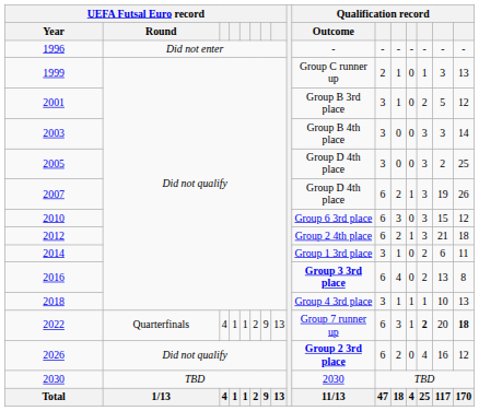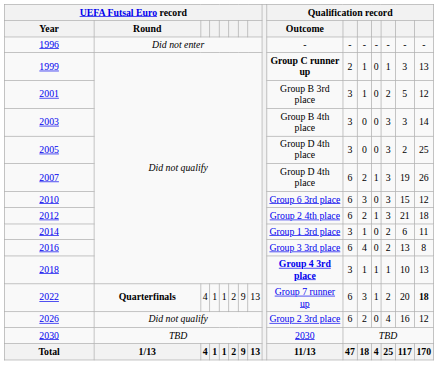 <table class="wikitable" width=50% style="text-align: center;font-size:90%;">
 <tr>
 <th colspan=8><a href='#'>UEFA Futsal Euro</a> record</th>
 <th width=1% rowspan=17></th>
 <th colspan=7>Qualification record</th>
 </tr>
 <tr>
 <th width=125px>Year</th>
 <th width=150px>Round</th>
 <th></th>
 <th></th>
 <th></th>
 <th></th>
 <th></th>
 <th></th>
 <th>Outcome</th>
 <th></th>
 <th></th>
 <th></th>
 <th></th>
 <th></th>
 <th></th>
 </tr>
 <tr>
 <td> <a href='#'>1996</a></td>
 <td colspan=7><em>Did not enter</em></td>
 <td>-</td>
 <td>-</td>
 <td>-</td>
 <td>-</td>
 <td>-</td>
 <td>-</td>
 <td>-</td>
 </tr>
 <tr - bgcolor=>
 <td> <a href='#'>1999</a></td>
 <td colspan=7 rowspan=10><em>Did not qualify</em></td>
-<td>Group C runner up</td>
+<td><strong>Group C runner up</strong></td>
 <td>2</td>
 <td>1</td>
 <td>0</td>
 <td>1</td>
 <td>3</td>
 <td>13</td>
 </tr>
 <tr - bgcolor=>
 <td> <a href='#'>2001</a></td>
 <td>Group B 3rd place</td>
 <td>3</td>
 <td>1</td>
 <td>0</td>
 <td>2</td>
 <td>5</td>
 <td>12</td>
 </tr>
 <tr - bgcolor=>
 <td> <a href='#'>2003</a></td>
 <td>Group B 4th place</td>
 <td>3</td>
 <td>0</td>
 <td>0</td>
 <td>3</td>
 <td>3</td>
 <td>14</td>
 </tr>
 <tr - bgcolor=>
 <td> <a href='#'>2005</a></td>
 <td>Group D 4th place</td>
 <td>3</td>
 <td>0</td>
 <td>0</td>
 <td>3</td>
 <td>2</td>
 <td>25</td>
 </tr>
 <tr - bgcolor=>
 <td> <a href='#'>2007</a></td>
 <td>Group D 4th place</td>
 <td>6</td>
 <td>2</td>
 <td>1</td>
 <td>3</td>
 <td>19</td>
 <td>26</td>
 </tr>
 <tr - bgcolor=>
 <td> <a href='#'>2010</a></td>
 <td><a href='#'>Group 6 3rd place</a></td>
 <td>6</td>
 <td>3</td>
 <td>0</td>
 <td>3</td>
 <td>15</td>
 <td>12</td>
 </tr>
 <tr - bgcolor=>
 <td> <a href='#'>2012</a></td>
 <td><a href='#'>Group 2 4th place</a></td>
 <td>6</td>
 <td>2</td>
 <td>1</td>
 <td>3</td>
 <td>21</td>
 <td>18</td>
 </tr>
 <tr - bgcolor=>
 <td> <a href='#'>2014</a></td>
 <td><a href='#'>Group 1 3rd place</a></td>
 <td>3</td>
 <td>1</td>
 <td>0</td>
 <td>2</td>
 <td>6</td>
 <td>11</td>
 </tr>
 <tr - bgcolor=>
 <td> <a href='#'>2016</a></td>
-<td><strong><a href='#'>Group 3 3rd place</a></strong></td>
+<td><a href='#'>Group 3 3rd place</a></td>
 <td>6</td>
 <td>4</td>
 <td>0</td>
 <td>2</td>
 <td>13</td>
 <td>8</td>
 </tr>
 <tr - bgcolor=>
 <td> <a href='#'>2018</a></td>
-<td><a href='#'>Group 4 3rd place</a></td>
+<td><strong><a href='#'>Group 4 3rd place</a></strong></td>
 <td>3</td>
 <td>1</td>
 <td>1</td>
 <td>1</td>
 <td>10</td>
 <td>13</td>
 </tr>
 <tr - bgcolor=>
 <td> <a href='#'>2022</a></td>
-<td>Quarterfinals</td>
+<td><strong>Quarterfinals</strong></td>
 <td>4</td>
 <td>1</td>
 <td>1</td>
 <td>2</td>
 <td>9</td>
 <td>13</td>
 <td><a href='#'>Group 7 runner up</a></td>
 <td>6</td>
 <td>3</td>
 <td>1</td>
-<td><strong>2</strong></td>
+<td>2</td>
 <td>20</td>
 <td><strong>18</strong></td>
 </tr>
 <tr - bgcolor=>
 <td> <a href='#'>2026</a></td>
 <td colspan=7><em>Did not qualify</em></td>
-<td><strong><a href='#'>Group 2 3rd place</a></strong></td>
+<td><a href='#'>Group 2 3rd place</a></td>
 <td>6</td>
 <td>2</td>
 <td>0</td>
 <td>4</td>
 <td>16</td>
 <td>12</td>
 </tr>
 <tr - bgcolor=>
 <td> <a href='#'>2030</a></td>
 <td colspan=7><em>TBD</em></td>
 <td><a href='#'>2030</a></td>
 <td colspan=7><em>TBD</em></td>
 </tr>
 <tr>
 <th><strong>Total</strong></th>
 <th>1/13</th>
 <th>4</th>
 <th>1</th>
 <th>1</th>
 <th>2</th>
 <th>9</th>
 <th>13</th>
 <th>11/13</th>
 <th>47</th>
 <th>18</th>
 <th>4</th>
 <th>25</th>
 <th>117</th>
 <th>170</th>
 </tr>
 </table>
